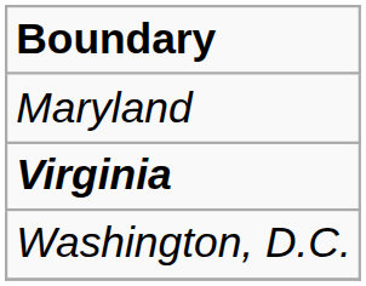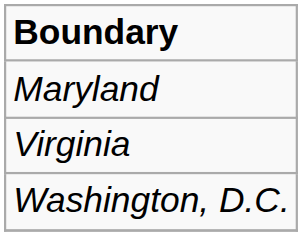 <table class="wikitable">
 <tr>
 <td><strong>Boundary</strong></td>
 </tr>
 <tr>
 <td><em>Maryland</em></td>
 </tr>
 <tr>
-<td><strong><em>Virginia</em></strong></td>
+<td><em>Virginia</em></td>
 </tr>
 <tr>
 <td><em>Washington, D.C.</em></td>
 </tr>
 <tr>
 </tr>
 </table>
